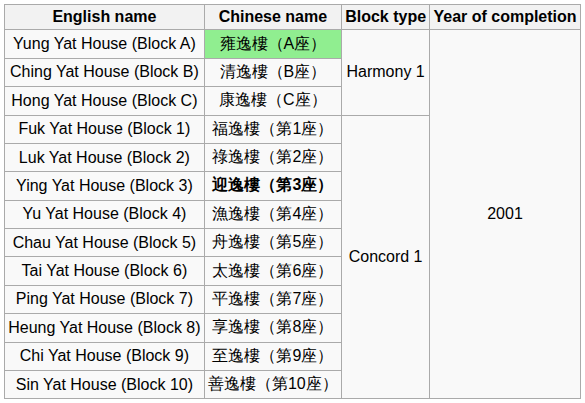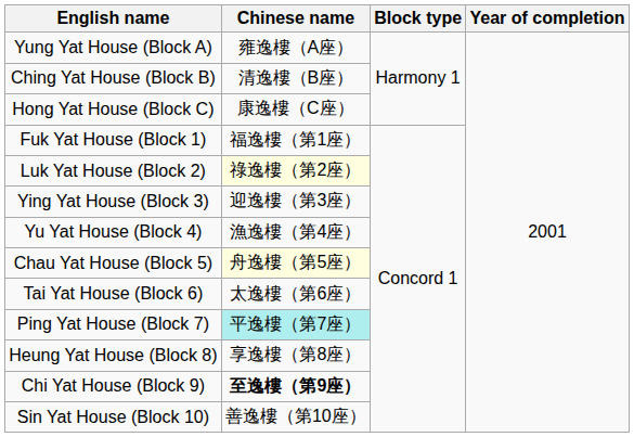 <table class="wikitable" style="text-align: center">
 <tr>
 <th>English name</th>
 <th>Chinese name</th>
 <th>Block type</th>
 <th>Year of completion</th>
 </tr>
 <tr>
 <td>Yung Yat House (Block A)</td>
-<td style="background: lightgreen;">雍逸樓（A座）</td>
+<td>雍逸樓（A座）</td>
 <td rowspan="3">Harmony 1</td>
 <td rowspan="13">2001</td>
 </tr>
 <tr>
 <td>Ching Yat House (Block B)</td>
 <td>清逸樓（B座）</td>
 </tr>
 <tr>
 <td>Hong Yat House (Block C)</td>
 <td>康逸樓（C座）</td>
 </tr>
 <tr>
 <td>Fuk Yat House (Block 1)</td>
 <td>福逸樓（第1座）</td>
 <td rowspan="10">Concord 1</td>
 </tr>
 <tr>
 <td>Luk Yat House (Block 2)</td>
-<td>祿逸樓（第2座）</td>
+<td style="background: lightyellow;">祿逸樓（第2座）</td>
 </tr>
 <tr>
 <td>Ying Yat House (Block 3)</td>
-<td><strong>迎逸樓（第3座）</strong></td>
+<td>迎逸樓（第3座）</td>
 </tr>
 <tr>
 <td>Yu Yat House (Block 4)</td>
 <td>漁逸樓（第4座）</td>
 </tr>
 <tr>
 <td>Chau Yat House (Block 5)</td>
-<td>舟逸樓（第5座）</td>
+<td style="background: lightyellow;">舟逸樓（第5座）</td>
 </tr>
 <tr>
 <td>Tai Yat House (Block 6)</td>
 <td>太逸樓（第6座）</td>
 </tr>
 <tr>
 <td>Ping Yat House (Block 7)</td>
-<td>平逸樓（第7座）</td>
+<td style="background: paleturquoise;">平逸樓（第7座）</td>
 </tr>
 <tr>
 <td>Heung Yat House (Block 8)</td>
 <td>享逸樓（第8座）</td>
 </tr>
 <tr>
 <td>Chi Yat House (Block 9)</td>
-<td>至逸樓（第9座）</td>
+<td><strong>至逸樓（第9座）</strong></td>
 </tr>
 <tr>
 <td>Sin Yat House (Block 10)</td>
 <td>善逸樓（第10座）</td>
 </tr>
 </table>
